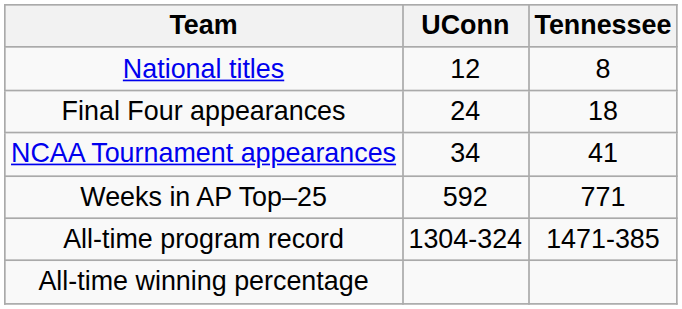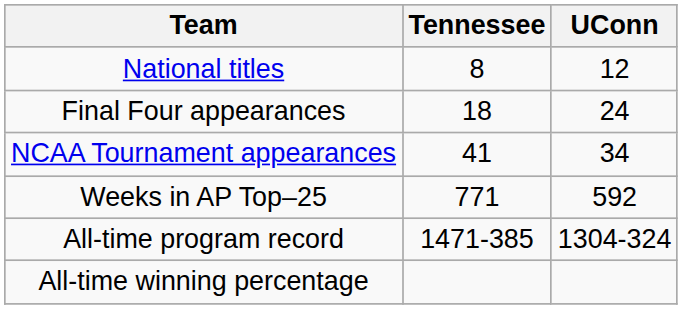 <table class="wikitable" style="text-align:center;">
 <tr>
 <th>Team</th>
+<th>Tennessee</th>
 <th>UConn</th>
-<th>Tennessee</th>
 </tr>
 <tr>
 <td><a href='#'>National titles</a></td>
+<td>8</td>
 <td>12</td>
-<td>8</td>
 </tr>
 <tr>
 <td>Final Four appearances</td>
+<td>18</td>
 <td>24</td>
-<td>18</td>
 </tr>
 <tr>
 <td><a href='#'>NCAA Tournament appearances</a></td>
+<td>41</td>
 <td>34</td>
-<td>41</td>
 </tr>
 <tr>
 <td>Weeks in AP Top–25</td>
+<td>771</td>
 <td>592</td>
-<td>771</td>
 </tr>
 <tr>
 <td>All-time program record</td>
+<td>1471-385</td>
 <td>1304-324</td>
-<td>1471-385</td>
 </tr>
 <tr>
 <td>All-time winning percentage</td>
 <td></td>
 <td></td>
 </tr>
 </table>
